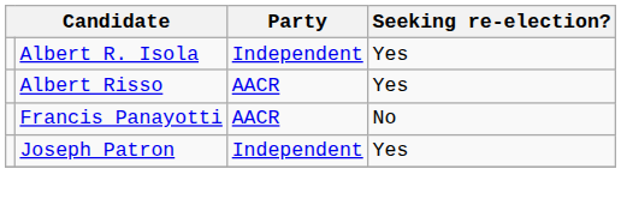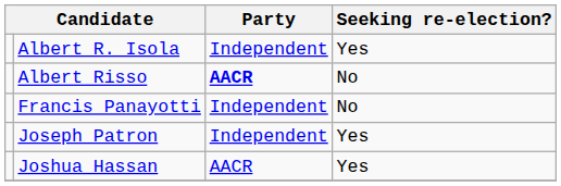 <table class=wikitable>
 <tr>
 <th colspan=2>Candidate</th>
 <th>Party</th>
 <th>Seeking re-election?</th>
 </tr>
 <tr>
 <td style="background-color: "></td>
 <td><a href='#'>Albert R. Isola</a></td>
 <td><a href='#'>Independent</a></td>
 <td>Yes</td>
 </tr>
 <tr>
 <td style="background-color: "></td>
 <td><a href='#'>Albert Risso</a></td>
-<td><a href='#'>AACR</a></td>
-<td>Yes</td>
+<td><strong><a href='#'>AACR</a></strong></td>
+<td>No</td>
 </tr>
 <tr>
 <td style="background-color: "></td>
 <td><a href='#'>Francis Panayotti</a></td>
-<td><a href='#'>AACR</a></td>
+<td><a href='#'>Independent</a></td>
 <td>No</td>
 </tr>
 <tr>
 <td style="background-color: "></td>
 <td><a href='#'>Joseph Patron</a></td>
 <td><a href='#'>Independent</a></td>
 <td>Yes</td>
 </tr>
 <tr>
+<td style="background-color: "></td>
+<td><a href='#'>Joshua Hassan</a></td>
+<td><a href='#'>AACR</a></td>
+<td>Yes</td>
+</tr>
+<tr>
 </tr>
 </table>
